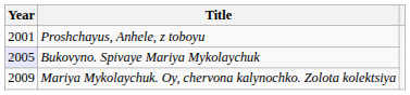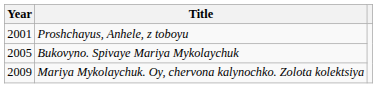 <table class="wikitable sortable plainrowheaders">
 <tr>
 <th>Year</th>
 <th>Title</th>
 <th></th>
 </tr>
 <tr>
 <td>2001</td>
 <td><em>Proshchayus, Anhele, z toboyu</em></td>
 <td rowspan="3"></td>
 </tr>
 <tr>
-<td style="background: lavender;">2005</td>
+<td>2005</td>
 <td><em>Bukovyno. Spivaye Mariya Mykolaychuk</em></td>
 </tr>
 <tr>
 <td>2009</td>
 <td><em>Mariya Mykolaychuk. Oy, chervona kalynochko. Zolota kolektsiya</em></td>
 </tr>
 </table>
